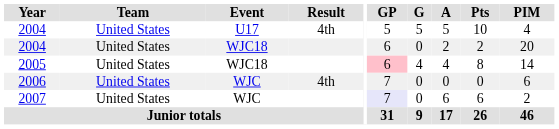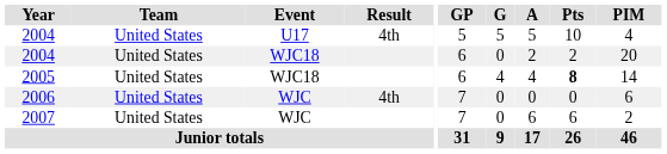 <table border="0" cellpadding="1" cellspacing="0" ID="Table3" style="text-align:center; width:40em;">
 <tr bgcolor="#e0e0e0">
 <th>Year</th>
 <th>Team</th>
 <th>Event</th>
 <th>Result</th>
 <th rowspan="99" bgcolor="#ffffff"></th>
 <th>GP</th>
 <th>G</th>
 <th>A</th>
 <th>Pts</th>
 <th>PIM</th>
 </tr>
 <tr>
 <td><a href='#'>2004</a></td>
 <td><a href='#'>United States</a></td>
 <td><a href='#'>U17</a></td>
 <td>4th</td>
 <td>5</td>
 <td>5</td>
 <td>5</td>
 <td>10</td>
 <td>4</td>
 </tr>
 <tr bgcolor="#f0f0f0">
 <td><a href='#'>2004</a></td>
 <td>United States</td>
 <td><a href='#'>WJC18</a></td>
 <td></td>
 <td>6</td>
 <td>0</td>
 <td>2</td>
 <td>2</td>
 <td>20</td>
 </tr>
 <tr>
 <td><a href='#'>2005</a></td>
 <td>United States</td>
 <td>WJC18</td>
 <td></td>
-<td style="background: pink;">6</td>
+<td>6</td>
 <td>4</td>
 <td>4</td>
-<td>8</td>
+<td><strong>8</strong></td>
 <td>14</td>
 </tr>
 <tr bgcolor="#f0f0f0">
 <td><a href='#'>2006</a></td>
 <td><a href='#'>United States</a></td>
 <td><a href='#'>WJC</a></td>
 <td>4th</td>
 <td>7</td>
 <td>0</td>
 <td>0</td>
 <td>0</td>
 <td>6</td>
 </tr>
 <tr>
 <td><a href='#'>2007</a></td>
 <td>United States</td>
 <td>WJC</td>
 <td></td>
-<td style="background: lavender;">7</td>
+<td>7</td>
 <td>0</td>
 <td>6</td>
 <td>6</td>
 <td>2</td>
 </tr>
 <tr bgcolor="#e0e0e0">
 <th colspan="4">Junior totals</th>
 <th>31</th>
 <th>9</th>
 <th>17</th>
 <th>26</th>
 <th>46</th>
 </tr>
 </table>
